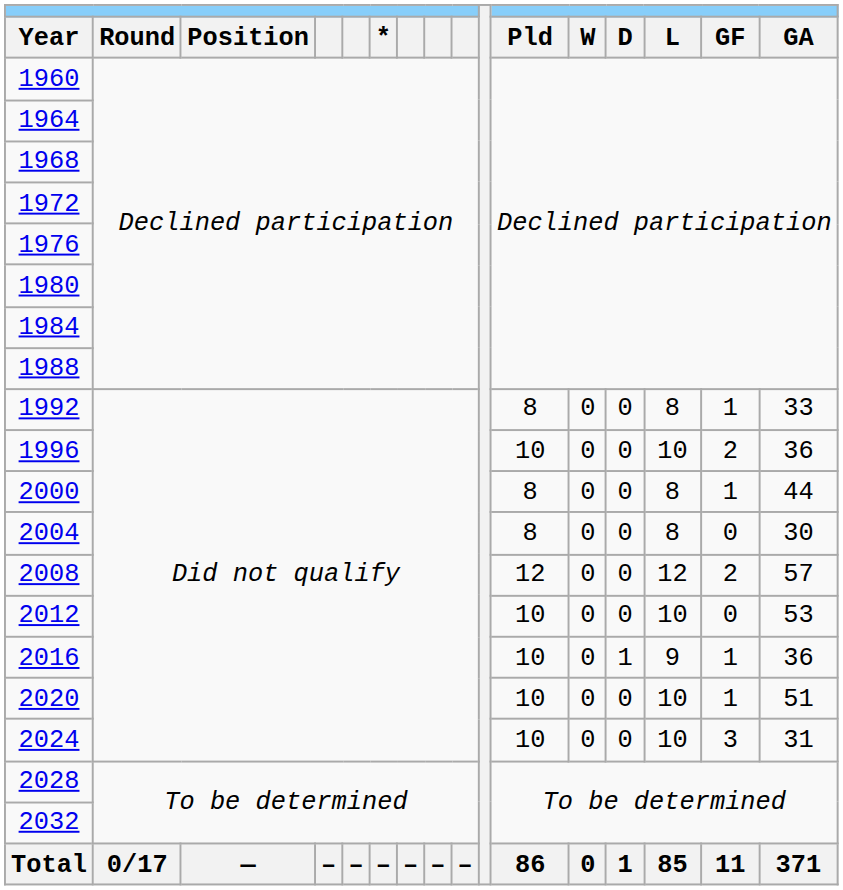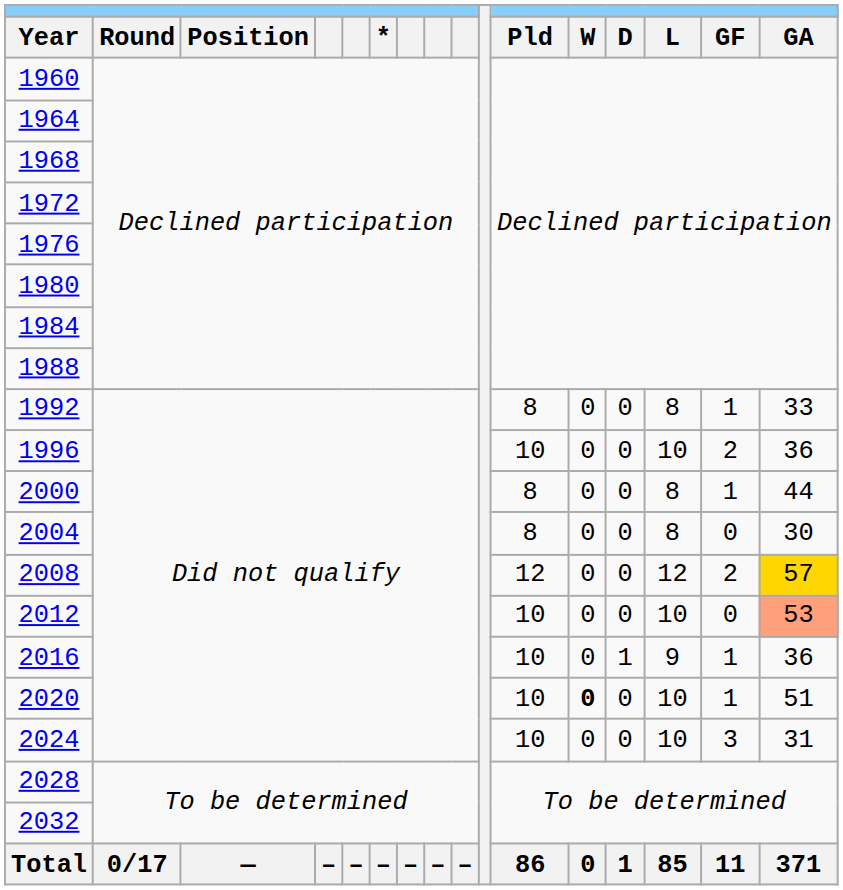 <table class="wikitable" style="text-align: center;">
 <tr>
 <th colspan=9 style=background:#87CEFA;color:black></th>
 <th rowspan="22"></th>
 <th colspan=6 style=background:#87CEFA;color:black></th>
 </tr>
 <tr>
 <th>Year</th>
 <th>Round</th>
 <th>Position</th>
 <th></th>
 <th></th>
 <th>*</th>
 <th></th>
 <th></th>
 <th></th>
 <th>Pld</th>
 <th>W</th>
 <th>D</th>
 <th>L</th>
 <th>GF</th>
 <th>GA</th>
 </tr>
 <tr>
 <td> <a href='#'>1960</a></td>
 <td rowspan=8 colspan=8><em>Declined participation</em></td>
 <td rowspan=8 colspan=6><em>Declined participation</em></td>
 </tr>
 <tr>
 <td> <a href='#'>1964</a></td>
 </tr>
 <tr>
 <td> <a href='#'>1968</a></td>
 </tr>
 <tr>
 <td> <a href='#'>1972</a></td>
 </tr>
 <tr>
 <td> <a href='#'>1976</a></td>
 </tr>
 <tr>
 <td> <a href='#'>1980</a></td>
 </tr>
 <tr>
 <td> <a href='#'>1984</a></td>
 </tr>
 <tr>
 <td> <a href='#'>1988</a></td>
 </tr>
 <tr>
 <td> <a href='#'>1992</a></td>
 <td colspan=8 rowspan=9><em>Did not qualify</em></td>
 <td>8</td>
 <td>0</td>
 <td>0</td>
 <td>8</td>
 <td>1</td>
 <td>33</td>
 </tr>
 <tr>
 <td> <a href='#'>1996</a></td>
 <td>10</td>
 <td>0</td>
 <td>0</td>
 <td>10</td>
 <td>2</td>
 <td>36</td>
 </tr>
 <tr>
 <td>  <a href='#'>2000</a></td>
 <td>8</td>
 <td>0</td>
 <td>0</td>
 <td>8</td>
 <td>1</td>
 <td>44</td>
 </tr>
 <tr>
 <td> <a href='#'>2004</a></td>
 <td>8</td>
 <td>0</td>
 <td>0</td>
 <td>8</td>
 <td>0</td>
 <td>30</td>
 </tr>
 <tr>
 <td>  <a href='#'>2008</a></td>
 <td>12</td>
 <td>0</td>
 <td>0</td>
 <td>12</td>
 <td>2</td>
-<td>57</td>
+<td style="background: gold;">57</td>
 </tr>
 <tr>
 <td>  <a href='#'>2012</a></td>
 <td>10</td>
 <td>0</td>
 <td>0</td>
 <td>10</td>
 <td>0</td>
-<td>53</td>
+<td style="background: lightsalmon;">53</td>
 </tr>
 <tr>
 <td> <a href='#'>2016</a></td>
 <td>10</td>
 <td>0</td>
 <td>1</td>
 <td>9</td>
 <td>1</td>
 <td>36</td>
 </tr>
 <tr>
 <td> <a href='#'>2020</a></td>
 <td>10</td>
-<td>0</td>
+<td><strong>0</strong></td>
 <td>0</td>
 <td>10</td>
 <td>1</td>
 <td>51</td>
 </tr>
 <tr>
 <td> <a href='#'>2024</a></td>
 <td>10</td>
 <td>0</td>
 <td>0</td>
 <td>10</td>
 <td>3</td>
 <td>31</td>
 </tr>
 <tr>
 <td>  <a href='#'>2028</a></td>
 <td colspan=8 rowspan=2><em>To be determined</em></td>
 <td colspan=6 rowspan=2><em>To be determined</em></td>
 </tr>
 <tr>
 <td>  <a href='#'>2032</a></td>
 </tr>
 <tr>
 <th>Total</th>
 <th>0/17</th>
 <th>—</th>
 <th>–</th>
 <th>–</th>
 <th>–</th>
 <th>–</th>
 <th>–</th>
 <th>–</th>
 <th>86</th>
 <th>0</th>
 <th>1</th>
 <th>85</th>
 <th>11</th>
 <th>371</th>
 </tr>
 </table>
